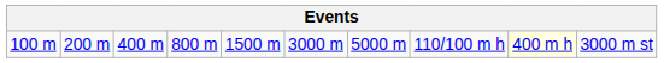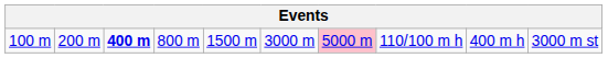 <table class="wikitable" style="margin: 1em auto 1em auto">
 <tr>
 <th colspan=11>Events</th>
 </tr>
 <tr>
 <td><a href='#'>100 m</a></td>
 <td><a href='#'>200 m</a></td>
-<td><a href='#'>400 m</a></td>
+<td><strong><a href='#'>400 m</a></strong></td>
 <td><a href='#'>800 m</a></td>
 <td><a href='#'>1500 m</a></td>
 <td><a href='#'>3000 m</a></td>
-<td><a href='#'>5000 m</a></td>
+<td style="background: pink;"><a href='#'>5000 m</a></td>
 <td><a href='#'>110/100 m h</a></td>
-<td style="background: lightyellow;"><a href='#'>400 m h</a></td>
+<td><a href='#'>400 m h</a></td>
 <td><a href='#'>3000 m st</a></td>
 </tr>
 </table>
